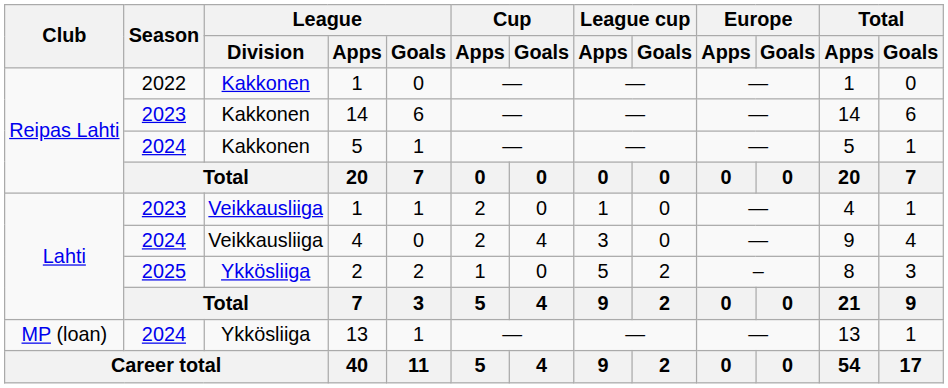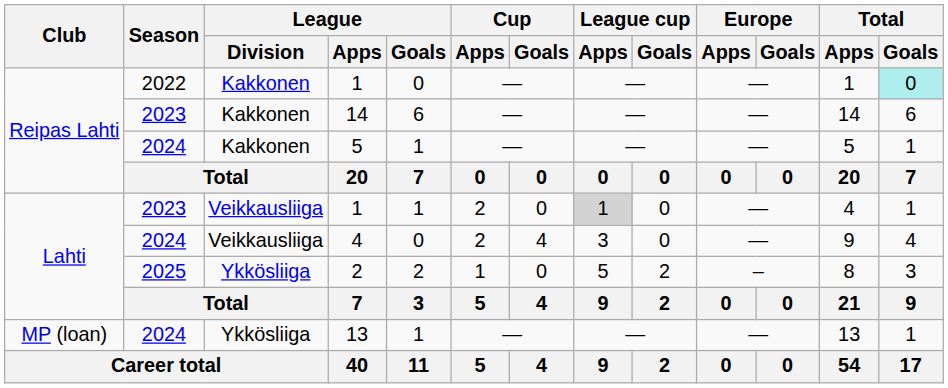 <table class="wikitable" style="text-align:center">
 <tr>
 <th rowspan="2">Club</th>
 <th rowspan="2">Season</th>
 <th colspan="3">League</th>
 <th colspan="2">Cup</th>
 <th colspan="2">League cup</th>
 <th colspan="2">Europe</th>
 <th colspan="2">Total</th>
 </tr>
 <tr>
 <th>Division</th>
 <th>Apps</th>
 <th>Goals</th>
 <th>Apps</th>
 <th>Goals</th>
 <th>Apps</th>
 <th>Goals</th>
 <th>Apps</th>
 <th>Goals</th>
 <th>Apps</th>
 <th>Goals</th>
 </tr>
 <tr>
 <td rowspan="4"><a href='#'>Reipas Lahti</a></td>
 <td>2022</td>
 <td><a href='#'>Kakkonen</a></td>
 <td>1</td>
 <td>0</td>
 <td colspan="2">—</td>
 <td colspan="2">—</td>
 <td colspan="2">—</td>
 <td>1</td>
-<td>0</td>
+<td style="background: paleturquoise;">0</td>
 </tr>
 <tr>
 <td><a href='#'>2023</a></td>
 <td>Kakkonen</td>
 <td>14</td>
 <td>6</td>
 <td colspan="2">—</td>
 <td colspan="2">—</td>
 <td colspan="2">—</td>
 <td>14</td>
 <td>6</td>
 </tr>
 <tr>
 <td><a href='#'>2024</a></td>
 <td>Kakkonen</td>
 <td>5</td>
 <td>1</td>
 <td colspan="2">—</td>
 <td colspan="2">—</td>
 <td colspan="2">—</td>
 <td>5</td>
 <td>1</td>
 </tr>
 <tr>
 <th colspan="2">Total</th>
 <th>20</th>
 <th>7</th>
 <th>0</th>
 <th>0</th>
 <th>0</th>
 <th>0</th>
 <th>0</th>
 <th>0</th>
 <th>20</th>
 <th>7</th>
 </tr>
 <tr>
 <td rowspan="4"><a href='#'>Lahti</a></td>
 <td><a href='#'>2023</a></td>
 <td><a href='#'>Veikkausliiga</a></td>
 <td>1</td>
 <td>1</td>
 <td>2</td>
 <td>0</td>
-<td>1</td>
+<td style="background: lightgrey;">1</td>
 <td>0</td>
 <td colspan="2">—</td>
 <td>4</td>
 <td>1</td>
 </tr>
 <tr>
 <td><a href='#'>2024</a></td>
 <td>Veikkausliiga</td>
 <td>4</td>
 <td>0</td>
 <td>2</td>
 <td>4</td>
 <td>3</td>
 <td>0</td>
 <td colspan="2">—</td>
 <td>9</td>
 <td>4</td>
 </tr>
 <tr>
 <td><a href='#'>2025</a></td>
 <td><a href='#'>Ykkösliiga</a></td>
 <td>2</td>
 <td>2</td>
 <td>1</td>
 <td>0</td>
 <td>5</td>
 <td>2</td>
 <td colspan=2>–</td>
 <td>8</td>
 <td>3</td>
 </tr>
 <tr>
 <th colspan="2">Total</th>
 <th>7</th>
 <th>3</th>
 <th>5</th>
 <th>4</th>
 <th>9</th>
 <th>2</th>
 <th>0</th>
 <th>0</th>
 <th>21</th>
 <th>9</th>
 </tr>
 <tr>
 <td><a href='#'>MP</a> (loan)</td>
 <td><a href='#'>2024</a></td>
 <td>Ykkösliiga</td>
 <td>13</td>
 <td>1</td>
 <td colspan="2">—</td>
 <td colspan="2">—</td>
 <td colspan="2">—</td>
 <td>13</td>
 <td>1</td>
 </tr>
 <tr>
 <th colspan="3">Career total</th>
 <th>40</th>
 <th>11</th>
 <th>5</th>
 <th>4</th>
 <th>9</th>
 <th>2</th>
 <th>0</th>
 <th>0</th>
 <th>54</th>
 <th>17</th>
 </tr>
 </table>
